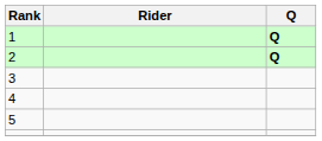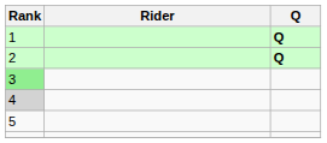 <table class="wikitable" style="font-size:95%" style="text-align:center">
 <tr>
 <th>Rank</th>
 <th width=250>Rider</th>
 <th width=50>Q</th>
 </tr>
 <tr bgcolor=ccffcc>
 <td>1</td>
 <td align=left></td>
 <td><strong>Q</strong></td>
 </tr>
 <tr bgcolor=ccffcc>
 <td>2</td>
 <td align=left></td>
 <td><strong>Q</strong></td>
 </tr>
 <tr>
-<td>3</td>
+<td style="background: lightgreen;">3</td>
 <td align=left></td>
 <td></td>
 </tr>
 <tr>
-<td>4</td>
+<td style="background: lightgrey;">4</td>
 <td align=left></td>
 <td></td>
 </tr>
 <tr>
 <td>5</td>
 <td align=left></td>
 <td></td>
 </tr>
 <tr>
 <td></td>
 <td align=left></td>
 <td></td>
 </tr>
 <tr>
 </tr>
 </table>
